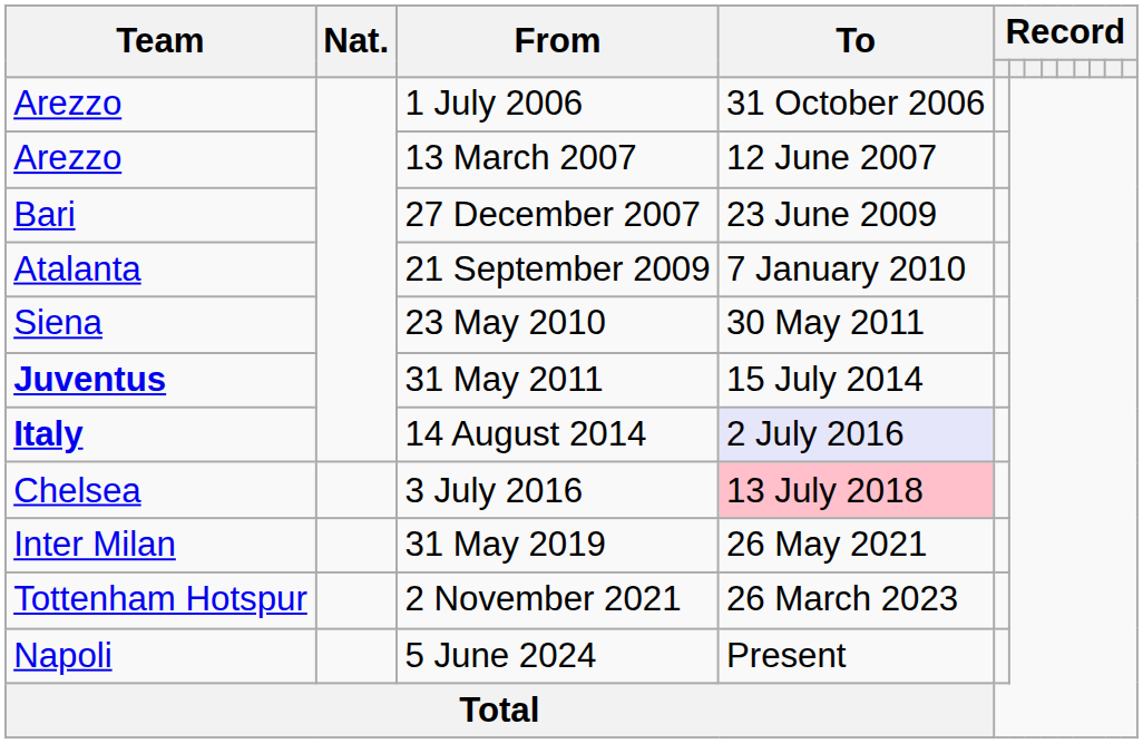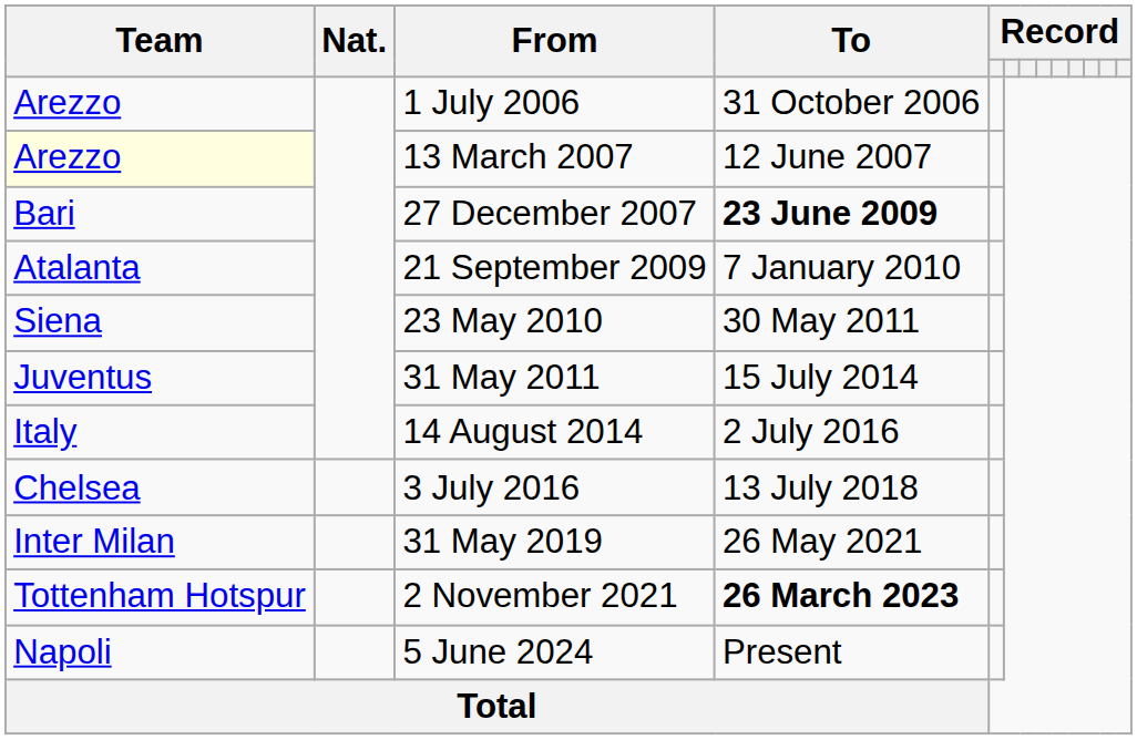 <table class=wikitable style="text-align: center">
 <tr>
 <th rowspan="2">Team</th>
 <th rowspan="2">Nat.</th>
 <th rowspan="2">From</th>
 <th rowspan="2">To</th>
 <th colspan="9">Record</th>
 </tr>
 <tr>
 <th></th>
 <th></th>
 <th></th>
 <th></th>
 <th></th>
 <th></th>
 <th></th>
 <th></th>
 <th></th>
 </tr>
 <tr>
 <td align=left><a href='#'>Arezzo</a></td>
 <td rowspan=7></td>
 <td align=left>1 July 2006</td>
 <td align=left>31 October 2006<br></td>
 <td></td>
 </tr>
 <tr>
-<td align=left><a href='#'>Arezzo</a></td>
+<td align=left style="background: lightyellow;"><a href='#'>Arezzo</a></td>
 <td align=left>13 March 2007</td>
 <td align=left>12 June 2007<br></td>
 <td></td>
 </tr>
 <tr>
 <td align=left><a href='#'>Bari</a></td>
 <td align=left>27 December 2007</td>
-<td align=left>23 June 2009<br></td>
+<td align=left><strong>23 June 2009<br></strong></td>
 <td></td>
 </tr>
 <tr>
 <td align=left><a href='#'>Atalanta</a></td>
 <td align=left>21 September 2009</td>
 <td align=left>7 January 2010<br></td>
 <td></td>
 </tr>
 <tr>
 <td align=left><a href='#'>Siena</a></td>
 <td align=left>23 May 2010</td>
 <td align=left>30 May 2011<br></td>
 <td></td>
 </tr>
 <tr>
-<td align=left><strong><a href='#'>Juventus</a></strong></td>
+<td align=left><a href='#'>Juventus</a></td>
 <td align=left>31 May 2011</td>
 <td align=left>15 July 2014<br></td>
 <td></td>
 </tr>
 <tr>
-<td align=left><strong><a href='#'>Italy</a></strong></td>
+<td align=left><a href='#'>Italy</a></td>
 <td align=left>14 August 2014</td>
-<td align=left style="background: lavender;">2 July 2016<br></td>
+<td align=left>2 July 2016<br></td>
 <td></td>
 </tr>
 <tr>
 <td align=left><a href='#'>Chelsea</a></td>
 <td></td>
 <td align=left>3 July 2016</td>
-<td align=left style="background: pink;">13 July 2018<br></td>
+<td align=left>13 July 2018<br></td>
 <td></td>
 </tr>
 <tr>
 <td align=left><a href='#'>Inter Milan</a></td>
 <td></td>
 <td align=left>31 May 2019</td>
 <td align=left>26 May 2021<br></td>
 <td></td>
 </tr>
 <tr>
 <td align=left><a href='#'>Tottenham Hotspur</a></td>
 <td></td>
 <td align=left>2 November 2021</td>
-<td align=left>26 March 2023<br></td>
+<td align=left><strong>26 March 2023<br></strong></td>
 <td></td>
 </tr>
 <tr>
 <td align=left><a href='#'>Napoli</a></td>
 <td></td>
 <td align=left>5 June 2024</td>
 <td align=left>Present<br></td>
 <td></td>
 </tr>
 <tr>
 <th colspan=4>Total<br></th>
 </tr>
 </table>
